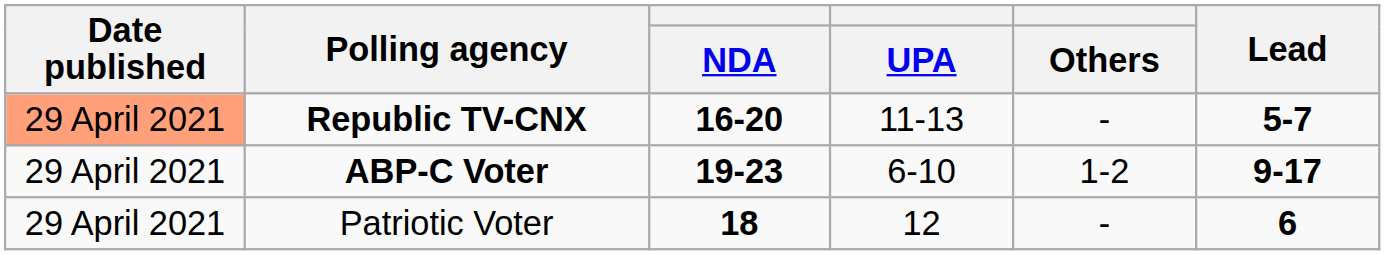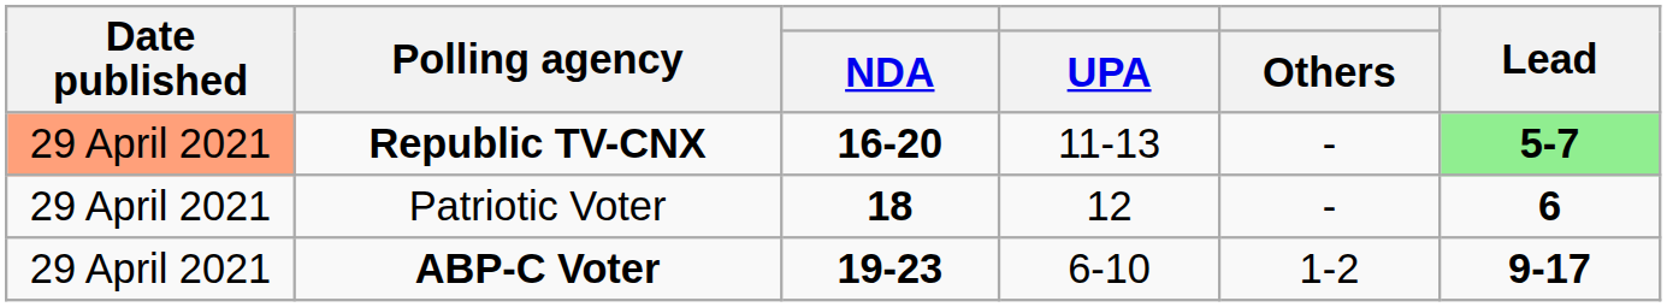 <table class="wikitable sortable" style="text-align:center;font-size:95%;line-height:16px">
 <tr>
 <th rowspan="2" width="100px">Date published</th>
 <th rowspan="2" width="175px">Polling agency</th>
 <th style="background:"></th>
 <th style="background:"></th>
 <th style="background:"></th>
 <th rowspan="2" width="75px">Lead</th>
 </tr>
 <tr>
 <th style="width:75px;"><a href='#'>NDA</a></th>
 <th style="width:75px;"><a href='#'>UPA</a></th>
 <th style="width:75px;">Others</th>
 </tr>
 <tr>
 <td style="background: lightsalmon;">29 April 2021</td>
 <td><strong>Republic TV-CNX</strong></td>
 <td><strong>16-20</strong></td>
 <td>11-13</td>
 <td>-</td>
-<td><strong>5-7</strong></td>
+<td style="background: lightgreen;"><strong>5-7</strong></td>
+</tr>
+<tr>
+<td>29 April 2021</td>
+<td>Patriotic Voter </td>
+<td><strong>18</strong></td>
+<td>12</td>
+<td>-</td>
+<td><strong>6</strong></td>
 </tr>
 <tr>
 <td>29 April 2021</td>
 <td><strong>ABP-C Voter</strong></td>
 <td><strong>19-23</strong></td>
 <td>6-10</td>
 <td>1-2</td>
 <td><strong>9-17</strong></td>
 </tr>
-<tr>
-<td>29 April 2021</td>
-<td>Patriotic Voter </td>
-<td><strong>18</strong></td>
-<td>12</td>
-<td>-</td>
-<td><strong>6</strong></td>
-</tr>
 </table>
